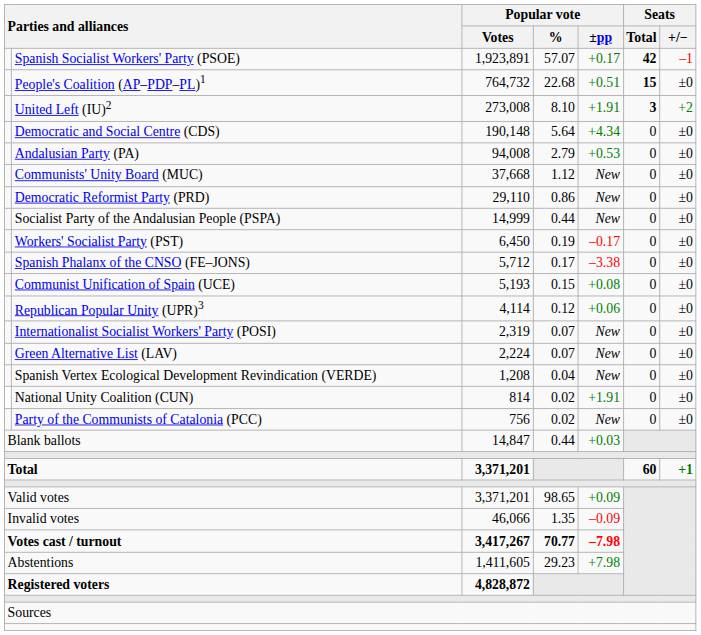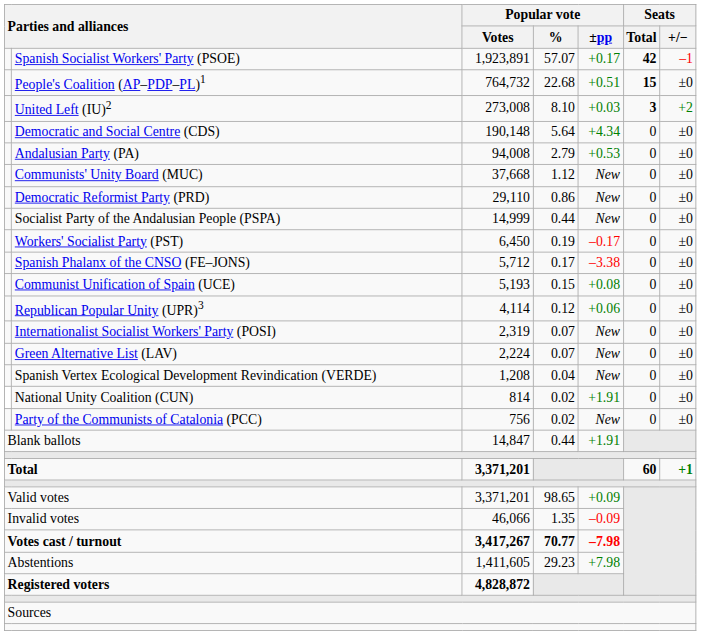 <table class="wikitable" style="text-align:right;">
 <tr>
 <th style="text-align:left;" rowspan="2" colspan="2" width="525">Parties and alliances</th>
 <th colspan="3">Popular vote</th>
 <th colspan="2">Seats</th>
 </tr>
 <tr>
 <th width="75">Votes</th>
 <th width="45">%</th>
 <th width="45">±<a href='#'>pp</a></th>
 <th width="35">Total</th>
 <th width="35">+/−</th>
 </tr>
 <tr>
 <td width="1" style="color:inherit;background:"></td>
 <td align="left"><a href='#'>Spanish Socialist Workers' Party</a> (PSOE)</td>
 <td>1,923,891</td>
 <td>57.07</td>
 <td style="color:green;">+0.17</td>
 <td><strong>42</strong></td>
 <td style="color:red;">–1</td>
 </tr>
 <tr>
 <td style="color:inherit;background:"></td>
 <td align="left"><a href='#'>People's Coalition</a> (<a href='#'>AP</a>–<a href='#'>PDP</a>–<a href='#'>PL</a>)<sup>1</sup></td>
 <td>764,732</td>
 <td>22.68</td>
 <td style="color:green;">+0.51</td>
 <td><strong>15</strong></td>
 <td>±0</td>
 </tr>
 <tr>
 <td style="color:inherit;background:"></td>
 <td align="left"><a href='#'>United Left</a> (IU)<sup>2</sup></td>
 <td>273,008</td>
 <td>8.10</td>
-<td style="color:green;">+1.91</td>
+<td style="color:green;">+0.03</td>
 <td><strong>3</strong></td>
 <td style="color:green;">+2</td>
 </tr>
 <tr>
 <td style="color:inherit;background:"></td>
 <td align="left"><a href='#'>Democratic and Social Centre</a> (CDS)</td>
 <td>190,148</td>
 <td>5.64</td>
 <td style="color:green;">+4.34</td>
 <td>0</td>
 <td>±0</td>
 </tr>
 <tr>
 <td style="color:inherit;background:"></td>
 <td align="left"><a href='#'>Andalusian Party</a> (PA)</td>
 <td>94,008</td>
 <td>2.79</td>
 <td style="color:green;">+0.53</td>
 <td>0</td>
 <td>±0</td>
 </tr>
 <tr>
 <td style="color:inherit;background:"></td>
 <td align="left"><a href='#'>Communists' Unity Board</a> (MUC)</td>
 <td>37,668</td>
 <td>1.12</td>
 <td><em>New</em></td>
 <td>0</td>
 <td>±0</td>
 </tr>
 <tr>
 <td style="color:inherit;background:"></td>
 <td align="left"><a href='#'>Democratic Reformist Party</a> (PRD)</td>
 <td>29,110</td>
 <td>0.86</td>
 <td><em>New</em></td>
 <td>0</td>
 <td>±0</td>
 </tr>
 <tr>
 <td style="color:inherit;background:"></td>
 <td align="left">Socialist Party of the Andalusian People (PSPA)</td>
 <td>14,999</td>
 <td>0.44</td>
 <td><em>New</em></td>
 <td>0</td>
 <td>±0</td>
 </tr>
 <tr>
 <td style="color:inherit;background:"></td>
 <td align="left"><a href='#'>Workers' Socialist Party</a> (PST)</td>
 <td>6,450</td>
 <td>0.19</td>
 <td style="color:red;">–0.17</td>
 <td>0</td>
 <td>±0</td>
 </tr>
 <tr>
 <td style="color:inherit;background:"></td>
 <td align="left"><a href='#'>Spanish Phalanx of the CNSO</a> (FE–JONS)</td>
 <td>5,712</td>
 <td>0.17</td>
 <td style="color:red;">–3.38</td>
 <td>0</td>
 <td>±0</td>
 </tr>
 <tr>
 <td style="color:inherit;background:"></td>
 <td align="left"><a href='#'>Communist Unification of Spain</a> (UCE)</td>
 <td>5,193</td>
 <td>0.15</td>
 <td style="color:green;">+0.08</td>
 <td>0</td>
 <td>±0</td>
 </tr>
 <tr>
 <td style="color:inherit;background:"></td>
 <td align="left"><a href='#'>Republican Popular Unity</a> (UPR)<sup>3</sup></td>
 <td>4,114</td>
 <td>0.12</td>
 <td style="color:green;">+0.06</td>
 <td>0</td>
 <td>±0</td>
 </tr>
 <tr>
 <td style="color:inherit;background:"></td>
 <td align="left"><a href='#'>Internationalist Socialist Workers' Party</a> (POSI)</td>
 <td>2,319</td>
 <td>0.07</td>
 <td><em>New</em></td>
 <td>0</td>
 <td>±0</td>
 </tr>
 <tr>
 <td style="color:inherit;background:"></td>
 <td align="left"><a href='#'>Green Alternative List</a> (LAV)</td>
 <td>2,224</td>
 <td>0.07</td>
 <td><em>New</em></td>
 <td>0</td>
 <td>±0</td>
 </tr>
 <tr>
 <td style="color:inherit;background:"></td>
 <td align="left">Spanish Vertex Ecological Development Revindication (VERDE)</td>
 <td>1,208</td>
 <td>0.04</td>
 <td><em>New</em></td>
 <td>0</td>
 <td>±0</td>
 </tr>
 <tr>
 <td bgcolor="white"></td>
 <td align="left">National Unity Coalition (CUN)</td>
 <td>814</td>
 <td>0.02</td>
 <td style="color:green;">+1.91</td>
 <td>0</td>
 <td>±0</td>
 </tr>
 <tr>
 <td style="color:inherit;background:"></td>
 <td align="left"><a href='#'>Party of the Communists of Catalonia</a> (PCC)</td>
 <td>756</td>
 <td>0.02</td>
 <td><em>New</em></td>
 <td>0</td>
 <td>±0</td>
 </tr>
 <tr>
 <td align="left" colspan="2">Blank ballots</td>
 <td>14,847</td>
 <td>0.44</td>
-<td style="color:green;">+0.03</td>
+<td style="color:green;">+1.91</td>
 <td bgcolor="#E9E9E9" colspan="2"></td>
 </tr>
 <tr>
 <td colspan="7" bgcolor="#E9E9E9"></td>
 </tr>
 <tr style="font-weight:bold;">
 <td align="left" colspan="2">Total</td>
 <td>3,371,201</td>
 <td bgcolor="#E9E9E9" colspan="2"></td>
 <td>60</td>
 <td style="color:green;">+1</td>
 </tr>
 <tr>
 <td colspan="7" bgcolor="#E9E9E9"></td>
 </tr>
 <tr>
 <td align="left" colspan="2">Valid votes</td>
 <td>3,371,201</td>
 <td>98.65</td>
 <td style="color:green;">+0.09</td>
 <td bgcolor="#E9E9E9" colspan="2" rowspan="5"></td>
 </tr>
 <tr>
 <td align="left" colspan="2">Invalid votes</td>
 <td>46,066</td>
 <td>1.35</td>
 <td style="color:red;">–0.09</td>
 </tr>
 <tr style="font-weight:bold;">
 <td align="left" colspan="2">Votes cast / turnout</td>
 <td>3,417,267</td>
 <td>70.77</td>
 <td style="color:red;">–7.98</td>
 </tr>
 <tr>
 <td align="left" colspan="2">Abstentions</td>
 <td>1,411,605</td>
 <td>29.23</td>
 <td style="color:green;">+7.98</td>
 </tr>
 <tr style="font-weight:bold;">
 <td align="left" colspan="2">Registered voters</td>
 <td>4,828,872</td>
 <td bgcolor="#E9E9E9" colspan="2"></td>
 </tr>
 <tr>
 <td colspan="7" bgcolor="#E9E9E9"></td>
 </tr>
 <tr>
 <td align="left" colspan="7">Sources</td>
 </tr>
 <tr>
 <td colspan="7" style="text-align:left; max-width:790px;"></td>
 </tr>
 </table>
